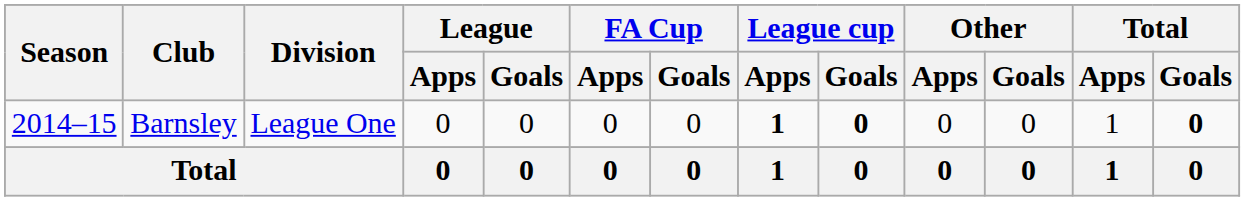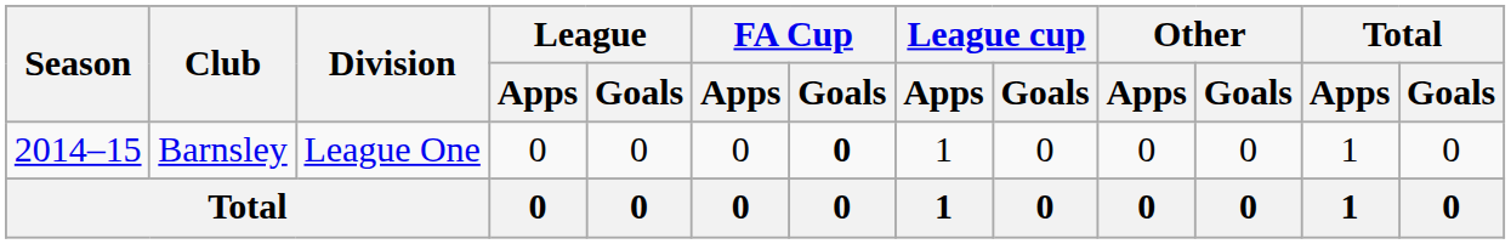 <table class="wikitable" style="text-align:center;">
 <tr>
 <th rowspan="2">Season</th>
 <th rowspan="2">Club</th>
 <th rowspan="2">Division</th>
 <th colspan="2">League</th>
 <th colspan="2"><a href='#'>FA Cup</a></th>
 <th colspan="2"><a href='#'>League cup</a></th>
 <th colspan="2">Other</th>
 <th colspan="2">Total</th>
 </tr>
 <tr>
 <th>Apps</th>
 <th>Goals</th>
 <th>Apps</th>
 <th>Goals</th>
 <th>Apps</th>
 <th>Goals</th>
 <th>Apps</th>
 <th>Goals</th>
 <th>Apps</th>
 <th>Goals</th>
 </tr>
 <tr>
 <td><a href='#'>2014–15</a></td>
 <td><a href='#'>Barnsley</a></td>
 <td><a href='#'>League One</a></td>
 <td>0</td>
 <td>0</td>
 <td>0</td>
+<td><strong>0</strong></td>
+<td>1</td>
 <td>0</td>
-<td><strong>1</strong></td>
-<td><strong>0</strong></td>
 <td>0</td>
 <td>0</td>
 <td>1</td>
-<td><strong>0</strong></td>
+<td>0</td>
 </tr>
 <tr>
 <th colspan="3">Total</th>
 <th>0</th>
 <th>0</th>
 <th>0</th>
 <th>0</th>
 <th>1</th>
 <th>0</th>
 <th>0</th>
 <th>0</th>
 <th>1</th>
 <th>0</th>
 </tr>
 </table>
